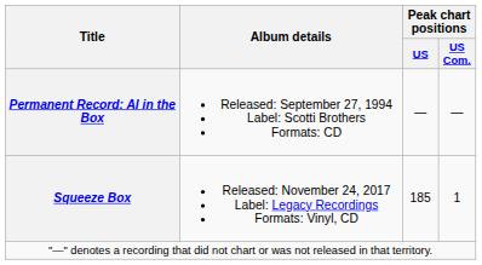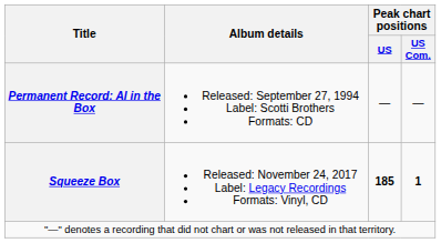 <table class="wikitable plainrowheaders" style="text-align:center;">
 <tr>
 <th scope="col" rowspan="2" style="width:16.5em;">Title</th>
 <th scope="col" rowspan="2" style="width:21em;">Album details</th>
 <th scope="col" colspan="2">Peak chart positions</th>
 </tr>
 <tr>
 <th scope="col" style="width:3em;font-size:90%;"><a href='#'>US</a><br></th>
 <th scope="col" style="width:3em;font-size:90%;"><a href='#'>US<br>Com.</a><br></th>
 </tr>
 <tr>
 <th scope="row"><em><a href='#'>Permanent Record: Al in the Box</a></em></th>
 <td><br><ul><li>Released: September 27, 1994</li><li>Label: Scotti Brothers</li><li>Formats: CD</li></ul></td>
 <td>—</td>
 <td>—</td>
 </tr>
 <tr>
 <th scope="row"><em><a href='#'>Squeeze Box</a></em></th>
 <td><br><ul><li>Released: November 24, 2017</li><li>Label: <a href='#'>Legacy Recordings</a></li><li>Formats: Vinyl, CD</li></ul></td>
-<td>185</td>
-<td>1</td>
+<td><strong>185</strong></td>
+<td><strong>1</strong></td>
 </tr>
 <tr>
 <td colspan="6" style="font-size:90%">"—" denotes a recording that did not chart or was not released in that territory.</td>
 </tr>
 </table>
